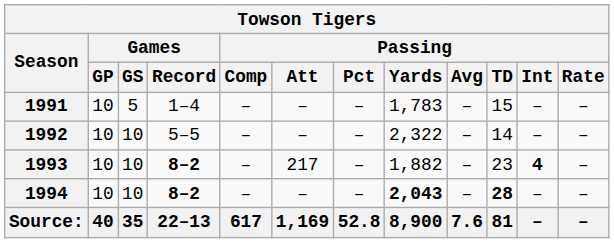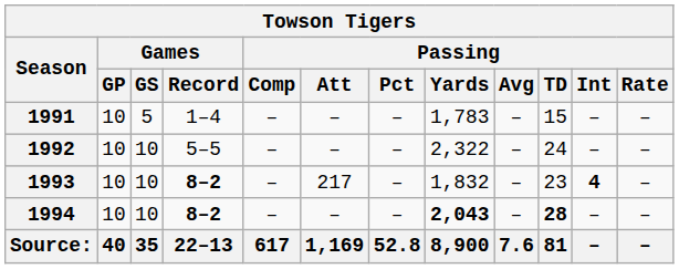 <table class="wikitable" style="text-align:center;">
 <tr>
 <th colspan="16">Towson Tigers</th>
 </tr>
 <tr>
 <th rowspan="2">Season</th>
 <th colspan="3">Games</th>
 <th colspan="8">Passing</th>
 </tr>
 <tr>
 <th>GP</th>
 <th>GS</th>
 <th>Record</th>
 <th>Comp</th>
 <th>Att</th>
 <th>Pct</th>
 <th>Yards</th>
 <th>Avg</th>
 <th>TD</th>
 <th>Int</th>
 <th>Rate</th>
 </tr>
 <tr>
 <th>1991</th>
 <td>10</td>
 <td>5</td>
 <td>1–4</td>
 <td>–</td>
 <td>–</td>
 <td>–</td>
 <td>1,783</td>
 <td>–</td>
 <td>15</td>
 <td>–</td>
 <td>–</td>
 </tr>
 <tr>
 <th>1992</th>
 <td>10</td>
 <td>10</td>
 <td>5–5</td>
 <td>–</td>
 <td>–</td>
 <td>–</td>
 <td>2,322</td>
 <td>–</td>
-<td>14</td>
+<td>24</td>
 <td>–</td>
 <td>–</td>
 </tr>
 <tr>
 <th>1993</th>
 <td>10</td>
 <td>10</td>
 <td><strong>8–2</strong></td>
 <td>–</td>
 <td>217</td>
 <td>–</td>
-<td>1,882</td>
+<td>1,832</td>
 <td>–</td>
 <td>23</td>
 <td><strong>4</strong></td>
 <td>–</td>
 </tr>
 <tr>
 <th>1994</th>
 <td>10</td>
 <td>10</td>
 <td><strong>8–2</strong></td>
 <td>–</td>
 <td>–</td>
 <td>–</td>
 <td><strong>2,043</strong></td>
 <td>–</td>
 <td><strong>28</strong></td>
 <td>–</td>
 <td>–</td>
 </tr>
 <tr>
 <th>Source:</th>
 <th>40</th>
 <th>35</th>
 <th>22–13</th>
 <th>617</th>
 <th>1,169</th>
 <th>52.8</th>
 <th>8,900</th>
 <th>7.6</th>
 <th>81</th>
 <th>–</th>
 <th>–</th>
 </tr>
 </table>
